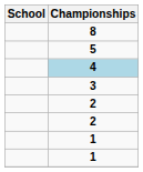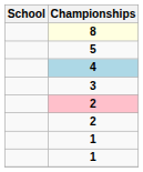 <table class="wikitable sortable" style="text-align:center">
 <tr>
 <th>School</th>
 <th>Championships</th>
 </tr>
 <tr>
 <td><strong><a href='#'></a></strong></td>
-<td><strong>8</strong></td>
+<td style="background: lightyellow;"><strong>8</strong></td>
 </tr>
 <tr>
 <td><strong><a href='#'></a></strong></td>
 <td><strong>5</strong></td>
 </tr>
 <tr>
 <td><strong><a href='#'></a></strong></td>
 <td style="background: lightblue;"><strong>4</strong></td>
 </tr>
 <tr>
 <td><strong><a href='#'></a></strong></td>
 <td><strong>3</strong></td>
 </tr>
 <tr>
 <td><strong><a href='#'></a></strong></td>
-<td><strong>2</strong></td>
+<td style="background: pink;"><strong>2</strong></td>
 </tr>
 <tr>
 <td><strong><a href='#'></a></strong></td>
 <td><strong>2</strong></td>
 </tr>
 <tr>
 <td><strong><a href='#'></a></strong></td>
 <td><strong>1</strong></td>
 </tr>
 <tr>
 <td><strong><a href='#'></a></strong></td>
 <td><strong>1</strong></td>
 </tr>
 <tr>
 </tr>
 </table>
